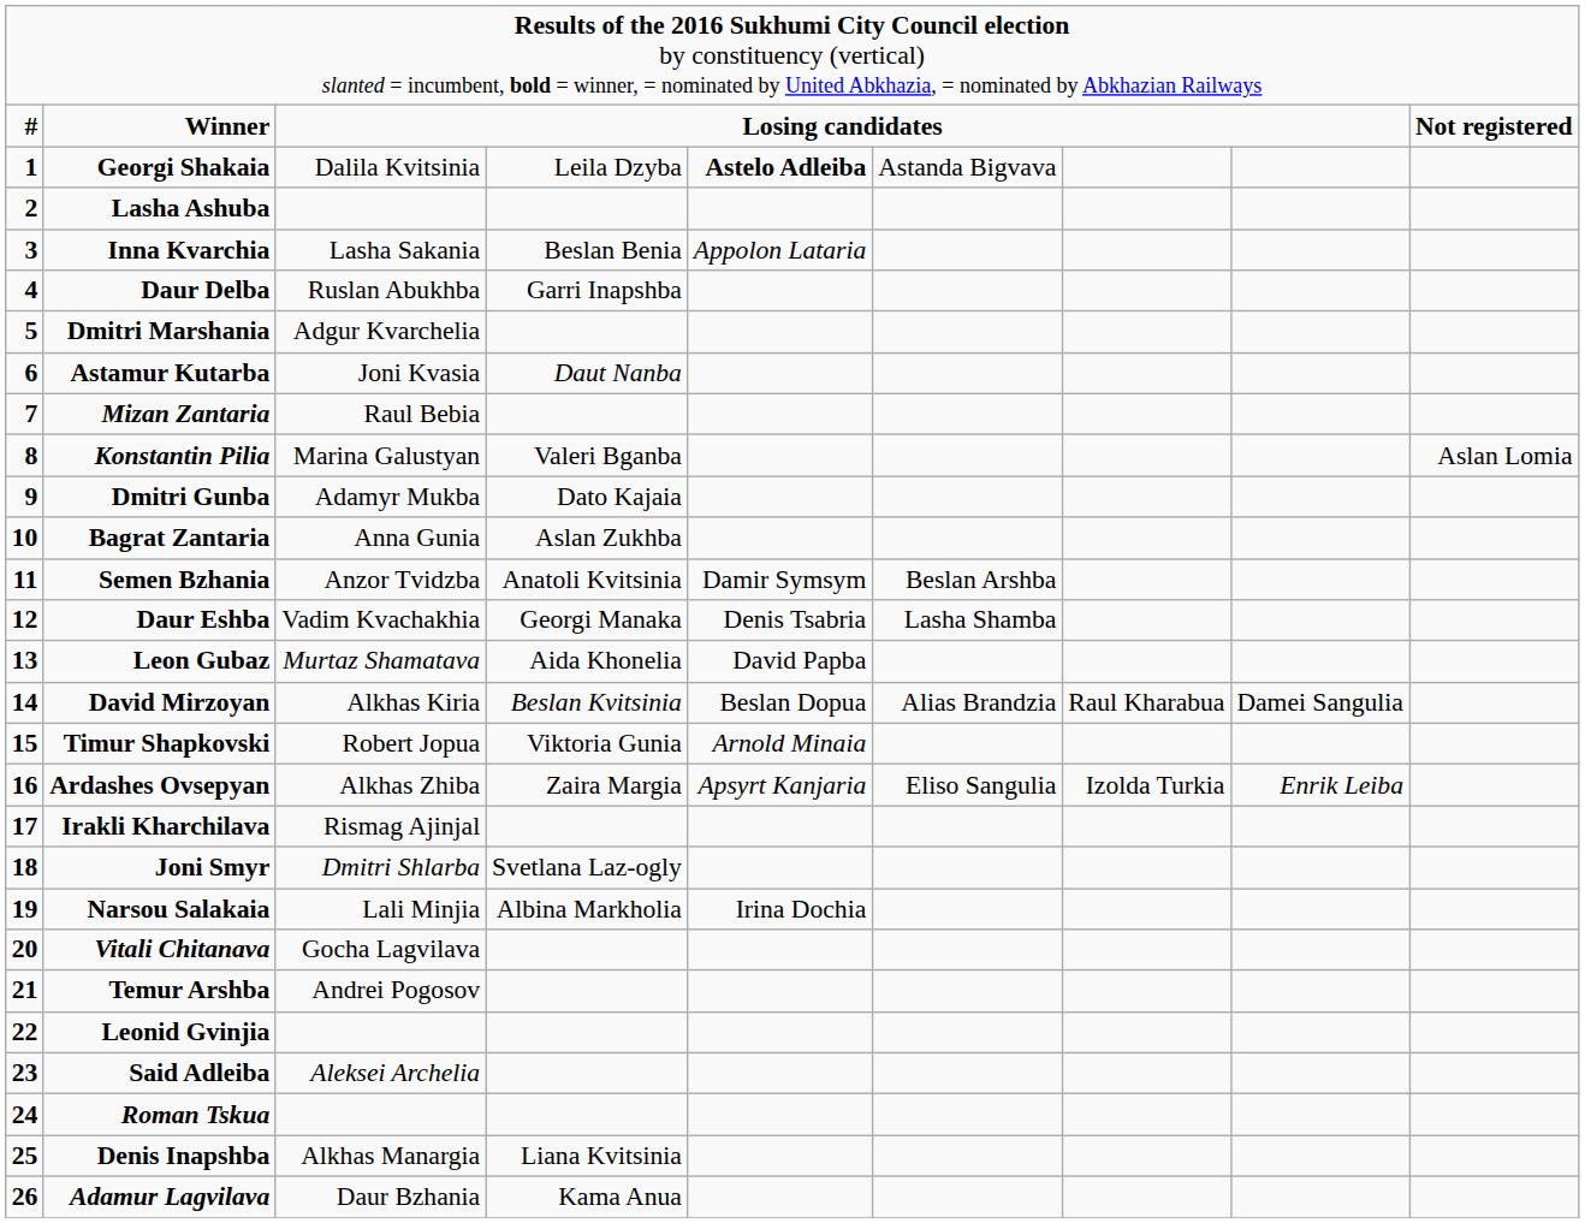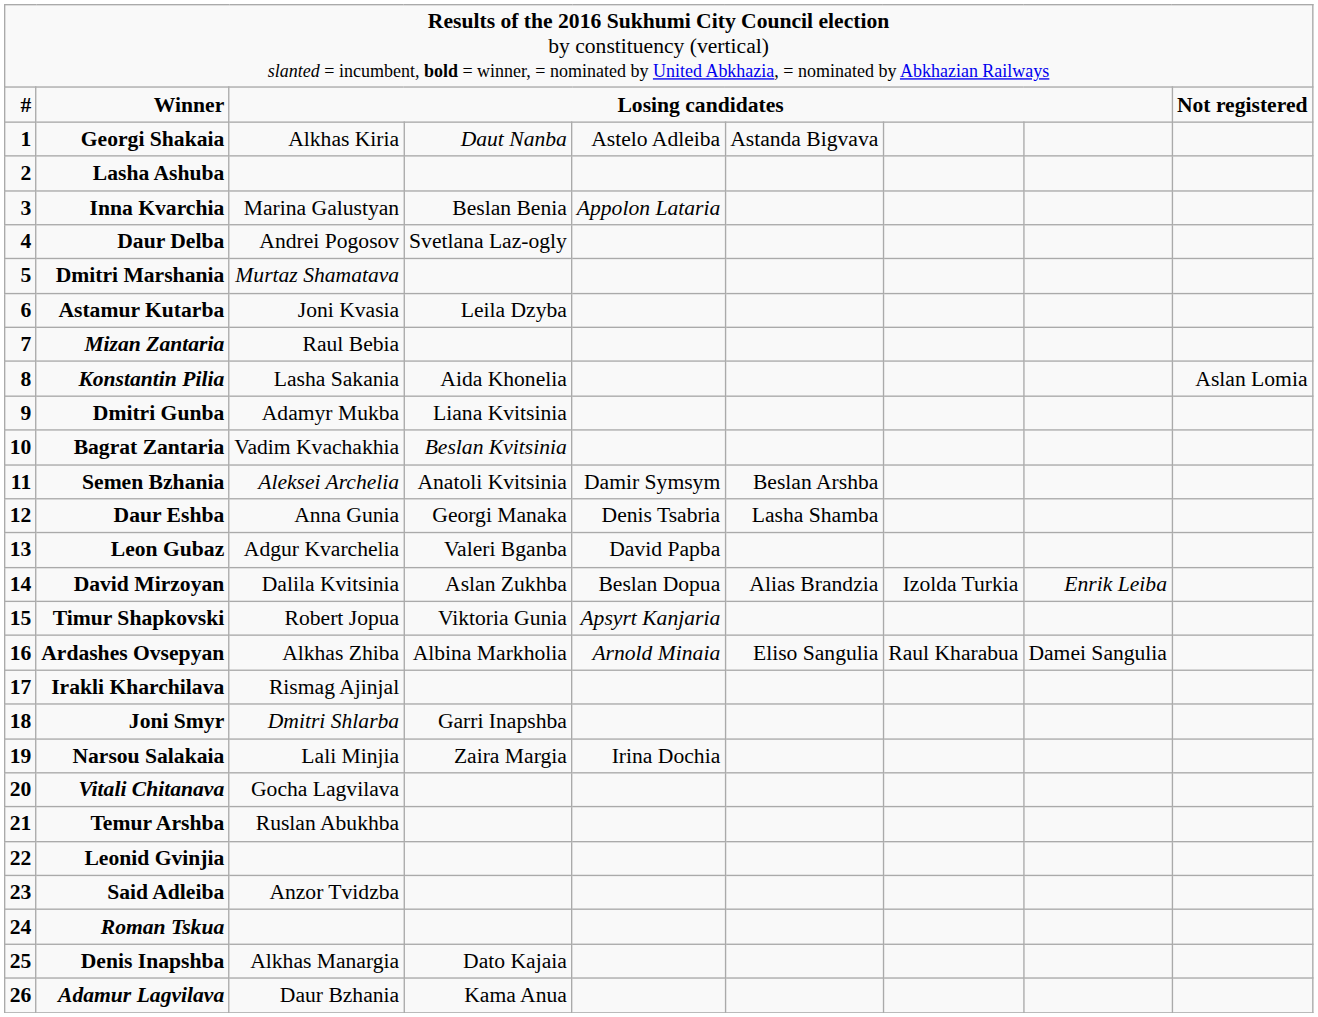 <table class="wikitable" style="text-align:right;">
 <tr style="text-align:center">
 <td colspan=9><strong>Results of the 2016 Sukhumi City Council election</strong><br>by constituency (vertical)<br><small><em>slanted</em> = incumbent, <strong>bold</strong> = winner,  = nominated by <a href='#'>United Abkhazia</a>,  = nominated by <a href='#'>Abkhazian Railways</a></small></td>
 </tr>
 <tr>
 <td><strong>#</strong></td>
 <td><strong>Winner</strong></td>
 <td colspan=6 style="text-align:center"><strong>Losing candidates</strong></td>
 <td><strong>Not registered</strong></td>
 </tr>
 <tr>
 <td><strong>1</strong></td>
 <td><strong>Georgi Shakaia</strong></td>
-<td>Dalila Kvitsinia</td>
-<td>Leila Dzyba</td>
-<td><strong>Astelo Adleiba</strong></td>
+<td>Alkhas Kiria</td>
+<td><em>Daut Nanba</em></td>
+<td>Astelo Adleiba</td>
 <td>Astanda Bigvava</td>
 <td></td>
 <td></td>
 <td></td>
 </tr>
 <tr>
 <td><strong>2</strong></td>
 <td><strong>Lasha Ashuba</strong></td>
 <td></td>
 <td></td>
 <td></td>
 <td></td>
 <td></td>
 <td></td>
 <td></td>
 </tr>
 <tr>
 <td><strong>3</strong></td>
 <td><strong>Inna Kvarchia</strong></td>
-<td>Lasha Sakania</td>
+<td>Marina Galustyan</td>
 <td>Beslan Benia</td>
 <td><em>Appolon Lataria</em></td>
 <td></td>
 <td></td>
 <td></td>
 <td></td>
 </tr>
 <tr>
 <td><strong>4</strong></td>
 <td><strong>Daur Delba</strong></td>
-<td>Ruslan Abukhba</td>
-<td>Garri Inapshba</td>
+<td>Andrei Pogosov</td>
+<td>Svetlana Laz-ogly</td>
 <td></td>
 <td></td>
 <td></td>
 <td></td>
 <td></td>
 </tr>
 <tr>
 <td><strong>5</strong></td>
 <td><strong>Dmitri Marshania</strong></td>
-<td>Adgur Kvarchelia</td>
+<td><em>Murtaz Shamatava</em></td>
 <td></td>
 <td></td>
 <td></td>
 <td></td>
 <td></td>
 <td></td>
 </tr>
 <tr>
 <td><strong>6</strong></td>
 <td><strong>Astamur Kutarba</strong></td>
 <td>Joni Kvasia</td>
-<td><em>Daut Nanba</em></td>
+<td>Leila Dzyba</td>
 <td></td>
 <td></td>
 <td></td>
 <td></td>
 <td></td>
 </tr>
 <tr>
 <td><strong>7</strong></td>
 <td><strong><em>Mizan Zantaria</em></strong></td>
 <td>Raul Bebia</td>
 <td></td>
 <td></td>
 <td></td>
 <td></td>
 <td></td>
 <td></td>
 </tr>
 <tr>
 <td><strong>8</strong></td>
 <td><strong><em>Konstantin Pilia</em></strong></td>
-<td>Marina Galustyan</td>
-<td>Valeri Bganba</td>
+<td>Lasha Sakania</td>
+<td>Aida Khonelia</td>
 <td></td>
 <td></td>
 <td></td>
 <td></td>
 <td>Aslan Lomia</td>
 </tr>
 <tr>
 <td><strong>9</strong></td>
 <td><strong>Dmitri Gunba</strong></td>
 <td>Adamyr Mukba</td>
-<td>Dato Kajaia</td>
+<td>Liana Kvitsinia</td>
 <td></td>
 <td></td>
 <td></td>
 <td></td>
 <td></td>
 </tr>
 <tr>
 <td><strong>10</strong></td>
 <td><strong>Bagrat Zantaria</strong></td>
-<td>Anna Gunia</td>
-<td>Aslan Zukhba</td>
+<td>Vadim Kvachakhia</td>
+<td><em>Beslan Kvitsinia</em></td>
 <td></td>
 <td></td>
 <td></td>
 <td></td>
 <td></td>
 </tr>
 <tr>
 <td><strong>11</strong></td>
 <td><strong>Semen Bzhania</strong></td>
-<td>Anzor Tvidzba</td>
+<td><em>Aleksei Archelia</em></td>
 <td>Anatoli Kvitsinia</td>
 <td>Damir Symsym</td>
 <td>Beslan Arshba</td>
 <td></td>
 <td></td>
 <td></td>
 </tr>
 <tr>
 <td><strong>12</strong></td>
 <td><strong>Daur Eshba</strong></td>
-<td>Vadim Kvachakhia</td>
+<td>Anna Gunia</td>
 <td>Georgi Manaka</td>
 <td>Denis Tsabria</td>
 <td>Lasha Shamba</td>
 <td></td>
 <td></td>
 <td></td>
 </tr>
 <tr>
 <td><strong>13</strong></td>
 <td><strong>Leon Gubaz</strong></td>
-<td><em>Murtaz Shamatava</em></td>
-<td>Aida Khonelia</td>
+<td>Adgur Kvarchelia</td>
+<td>Valeri Bganba</td>
 <td>David Papba</td>
 <td></td>
 <td></td>
 <td></td>
 <td></td>
 </tr>
 <tr>
 <td><strong>14</strong></td>
 <td><strong>David Mirzoyan</strong></td>
-<td>Alkhas Kiria</td>
-<td><em>Beslan Kvitsinia</em></td>
+<td>Dalila Kvitsinia</td>
+<td>Aslan Zukhba</td>
 <td>Beslan Dopua</td>
 <td>Alias Brandzia</td>
-<td>Raul Kharabua</td>
-<td>Damei Sangulia</td>
+<td>Izolda Turkia</td>
+<td><em>Enrik Leiba</em></td>
 <td></td>
 </tr>
 <tr>
 <td><strong>15</strong></td>
 <td><strong>Timur Shapkovski</strong></td>
 <td>Robert Jopua</td>
 <td>Viktoria Gunia</td>
-<td><em>Arnold Minaia</em></td>
+<td><em>Apsyrt Kanjaria</em></td>
 <td></td>
 <td></td>
 <td></td>
 <td></td>
 </tr>
 <tr>
 <td><strong>16</strong></td>
 <td><strong>Ardashes Ovsepyan</strong></td>
 <td>Alkhas Zhiba</td>
-<td>Zaira Margia</td>
-<td><em>Apsyrt Kanjaria</em></td>
+<td>Albina Markholia</td>
+<td><em>Arnold Minaia</em></td>
 <td>Eliso Sangulia</td>
-<td>Izolda Turkia</td>
-<td><em>Enrik Leiba</em></td>
+<td>Raul Kharabua</td>
+<td>Damei Sangulia</td>
 <td></td>
 </tr>
 <tr>
 <td><strong>17</strong></td>
 <td><strong>Irakli Kharchilava</strong></td>
 <td>Rismag Ajinjal</td>
 <td></td>
 <td></td>
 <td></td>
 <td></td>
 <td></td>
 <td></td>
 </tr>
 <tr>
 <td><strong>18</strong></td>
 <td><strong>Joni Smyr</strong></td>
 <td><em>Dmitri Shlarba</em></td>
-<td>Svetlana Laz-ogly</td>
+<td>Garri Inapshba</td>
 <td></td>
 <td></td>
 <td></td>
 <td></td>
 <td></td>
 </tr>
 <tr>
 <td><strong>19</strong></td>
 <td><strong>Narsou Salakaia</strong></td>
 <td>Lali Minjia</td>
-<td>Albina Markholia</td>
+<td>Zaira Margia</td>
 <td>Irina Dochia</td>
 <td></td>
 <td></td>
 <td></td>
 <td></td>
 </tr>
 <tr>
 <td><strong>20</strong></td>
 <td><strong><em>Vitali Chitanava</em></strong></td>
 <td>Gocha Lagvilava</td>
 <td></td>
 <td></td>
 <td></td>
 <td></td>
 <td></td>
 <td></td>
 </tr>
 <tr>
 <td><strong>21</strong></td>
 <td><strong>Temur Arshba</strong></td>
-<td>Andrei Pogosov</td>
+<td>Ruslan Abukhba</td>
 <td></td>
 <td></td>
 <td></td>
 <td></td>
 <td></td>
 <td></td>
 </tr>
 <tr>
 <td><strong>22</strong></td>
 <td><strong>Leonid Gvinjia</strong></td>
 <td></td>
 <td></td>
 <td></td>
 <td></td>
 <td></td>
 <td></td>
 <td></td>
 </tr>
 <tr>
 <td><strong>23</strong></td>
 <td><strong>Said Adleiba</strong></td>
-<td><em>Aleksei Archelia</em></td>
+<td>Anzor Tvidzba</td>
 <td></td>
 <td></td>
 <td></td>
 <td></td>
 <td></td>
 <td></td>
 </tr>
 <tr>
 <td><strong>24</strong></td>
 <td><strong><em>Roman Tskua</em></strong></td>
 <td></td>
 <td></td>
 <td></td>
 <td></td>
 <td></td>
 <td></td>
 <td></td>
 </tr>
 <tr>
 <td><strong>25</strong></td>
 <td><strong>Denis Inapshba</strong></td>
 <td>Alkhas Manargia</td>
-<td>Liana Kvitsinia</td>
+<td>Dato Kajaia</td>
 <td></td>
 <td></td>
 <td></td>
 <td></td>
 <td></td>
 </tr>
 <tr>
 <td><strong>26</strong></td>
 <td><strong><em>Adamur Lagvilava</em></strong></td>
 <td>Daur Bzhania</td>
 <td>Kama Anua</td>
 <td></td>
 <td></td>
 <td></td>
 <td></td>
 <td></td>
 </tr>
 <tr>
 </tr>
 </table>
